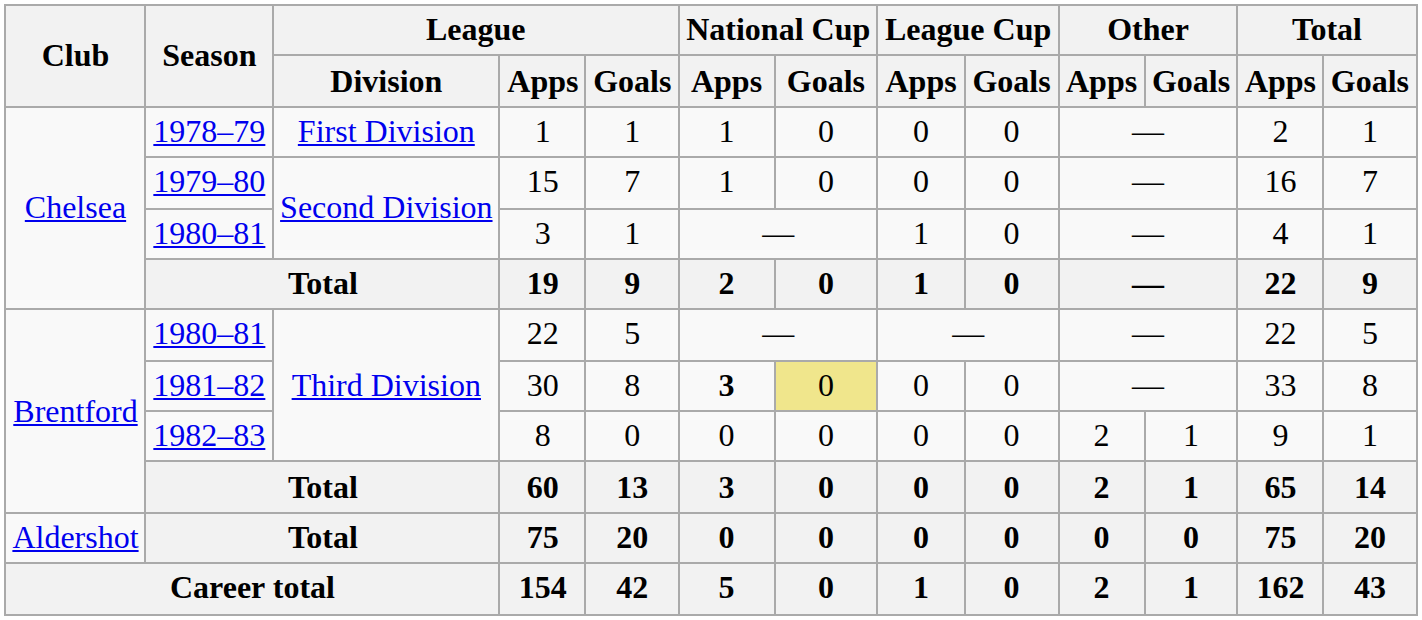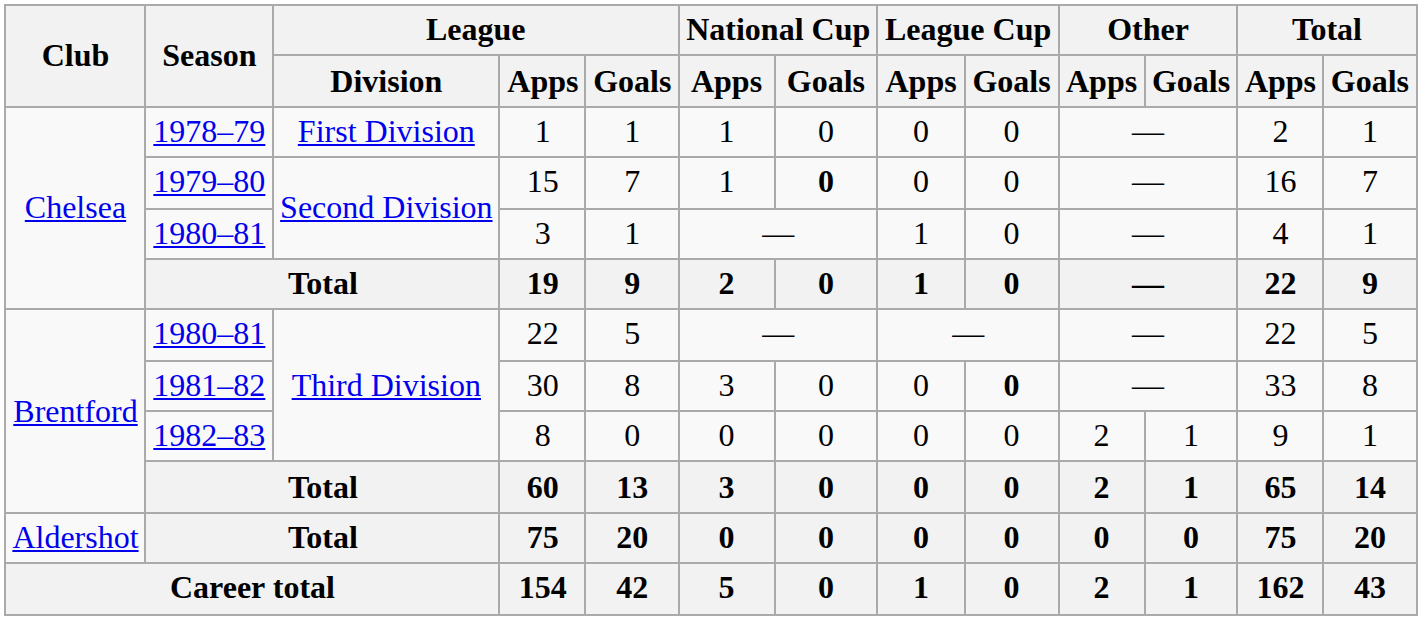 <table class="wikitable" style="text-align: center;">
 <tr>
 <th rowspan="2">Club</th>
 <th rowspan="2">Season</th>
 <th colspan="3">League</th>
 <th colspan="2">National Cup</th>
 <th colspan="2">League Cup</th>
 <th colspan="2">Other</th>
 <th colspan="2">Total</th>
 </tr>
 <tr>
 <th>Division</th>
 <th>Apps</th>
 <th>Goals</th>
 <th>Apps</th>
 <th>Goals</th>
 <th>Apps</th>
 <th>Goals</th>
 <th>Apps</th>
 <th>Goals</th>
 <th>Apps</th>
 <th>Goals</th>
 </tr>
 <tr>
 <td rowspan="4"><a href='#'>Chelsea</a></td>
 <td><a href='#'>1978–79</a></td>
 <td><a href='#'>First Division</a></td>
 <td>1</td>
 <td>1</td>
 <td>1</td>
 <td>0</td>
 <td>0</td>
 <td>0</td>
 <td colspan="2">—</td>
 <td>2</td>
 <td>1</td>
 </tr>
 <tr>
 <td><a href='#'>1979–80</a></td>
 <td rowspan="2"><a href='#'>Second Division</a></td>
 <td>15</td>
 <td>7</td>
 <td>1</td>
-<td>0</td>
+<td><strong>0</strong></td>
 <td>0</td>
 <td>0</td>
 <td colspan="2">—</td>
 <td>16</td>
 <td>7</td>
 </tr>
 <tr>
 <td><a href='#'>1980–81</a></td>
 <td>3</td>
 <td>1</td>
 <td colspan="2">—</td>
 <td>1</td>
 <td>0</td>
 <td colspan="2">—</td>
 <td>4</td>
 <td>1</td>
 </tr>
 <tr>
 <th colspan="2">Total</th>
 <th>19</th>
 <th>9</th>
 <th>2</th>
 <th>0</th>
 <th>1</th>
 <th>0</th>
 <th colspan="2">—</th>
 <th>22</th>
 <th>9</th>
 </tr>
 <tr>
 <td rowspan="4"><a href='#'>Brentford</a></td>
 <td><a href='#'>1980–81</a></td>
 <td rowspan="3"><a href='#'>Third Division</a></td>
 <td>22</td>
 <td>5</td>
 <td colspan="2">—</td>
 <td colspan="2">—</td>
 <td colspan="2">—</td>
 <td>22</td>
 <td>5</td>
 </tr>
 <tr>
 <td><a href='#'>1981–82</a></td>
 <td>30</td>
 <td>8</td>
-<td><strong>3</strong></td>
-<td style="background: khaki;">0</td>
+<td>3</td>
 <td>0</td>
 <td>0</td>
+<td><strong>0</strong></td>
 <td colspan="2">—</td>
 <td>33</td>
 <td>8</td>
 </tr>
 <tr>
 <td><a href='#'>1982–83</a></td>
 <td>8</td>
 <td>0</td>
 <td>0</td>
 <td>0</td>
 <td>0</td>
 <td>0</td>
 <td>2</td>
 <td>1</td>
 <td>9</td>
 <td>1</td>
 </tr>
 <tr>
 <th colspan="2">Total</th>
 <th>60</th>
 <th>13</th>
 <th>3</th>
 <th>0</th>
 <th>0</th>
 <th>0</th>
 <th>2</th>
 <th>1</th>
 <th>65</th>
 <th>14</th>
 </tr>
 <tr>
 <td><a href='#'>Aldershot</a></td>
 <th colspan="2">Total</th>
 <th>75</th>
 <th>20</th>
 <th>0</th>
 <th>0</th>
 <th>0</th>
 <th>0</th>
 <th>0</th>
 <th>0</th>
 <th>75</th>
 <th>20</th>
 </tr>
 <tr>
 <th colspan="3">Career total</th>
 <th>154</th>
 <th>42</th>
 <th>5</th>
 <th>0</th>
 <th>1</th>
 <th>0</th>
 <th>2</th>
 <th>1</th>
 <th>162</th>
 <th>43</th>
 </tr>
 </table>
